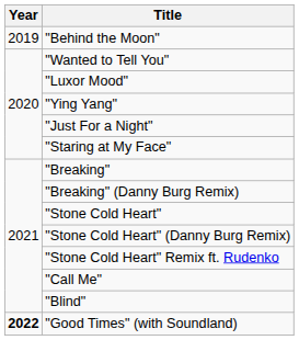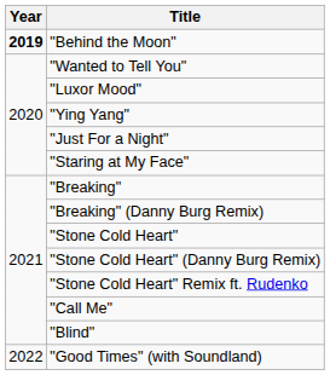 <table class="wikitable">
 <tr>
 <th>Year</th>
 <th>Title</th>
 </tr>
 <tr>
-<td>2019</td>
+<td><strong>2019</strong></td>
 <td>"Behind the Moon"</td>
 </tr>
 <tr>
 <td rowspan="5">2020</td>
 <td>"Wanted to Tell You"</td>
 </tr>
 <tr>
 <td>"Luxor Mood"</td>
 </tr>
 <tr>
 <td>"Ying Yang"</td>
 </tr>
 <tr>
 <td>"Just For a Night"</td>
 </tr>
 <tr>
 <td>"Staring at My Face"</td>
 </tr>
 <tr>
 <td rowspan="7">2021</td>
 <td>"Breaking"</td>
 </tr>
 <tr>
 <td>"Breaking" (Danny Burg Remix)</td>
 </tr>
 <tr>
 <td>"Stone Cold Heart"</td>
 </tr>
 <tr>
 <td>"Stone Cold Heart" (Danny Burg Remix)</td>
 </tr>
 <tr>
 <td>"Stone Cold Heart" Remix ft. <a href='#'>Rudenko</a></td>
 </tr>
 <tr>
 <td>"Call Me"</td>
 </tr>
 <tr>
 <td>"Blind"</td>
 </tr>
 <tr>
-<td><strong>2022</strong></td>
+<td>2022</td>
 <td>"Good Times" (with Soundland)</td>
 </tr>
 </table>
